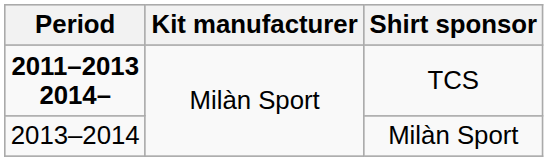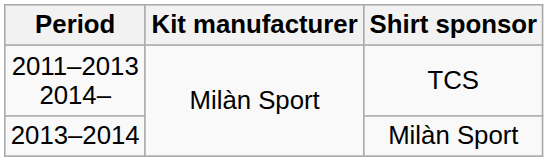 <table class="wikitable" style="text-align: center">
 <tr>
 <th>Period</th>
 <th>Kit manufacturer</th>
 <th>Shirt sponsor</th>
 </tr>
 <tr>
-<td><strong>2011–2013<br>2014–</strong></td>
+<td>2011–2013<br>2014–</td>
 <td rowspan=2>Milàn Sport</td>
 <td>TCS</td>
 </tr>
 <tr>
 <td>2013–2014</td>
 <td>Milàn Sport</td>
 </tr>
 </table>
